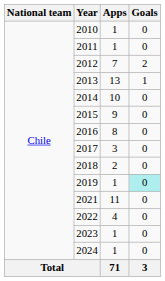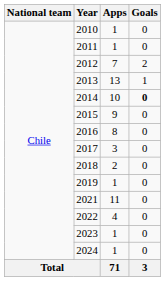 <table class="wikitable" style="text-align:center">
 <tr>
 <th>National team</th>
 <th>Year</th>
 <th>Apps</th>
 <th>Goals</th>
 </tr>
 <tr>
 <td rowspan="14"><a href='#'>Chile</a></td>
 <td>2010</td>
 <td>1</td>
 <td>0</td>
 </tr>
 <tr>
 <td>2011</td>
 <td>1</td>
 <td>0</td>
 </tr>
 <tr>
 <td>2012</td>
 <td>7</td>
 <td>2</td>
 </tr>
 <tr>
 <td>2013</td>
 <td>13</td>
 <td>1</td>
 </tr>
 <tr>
 <td>2014</td>
 <td>10</td>
-<td>0</td>
+<td><strong>0</strong></td>
 </tr>
 <tr>
 <td>2015</td>
 <td>9</td>
 <td>0</td>
 </tr>
 <tr>
 <td>2016</td>
 <td>8</td>
 <td>0</td>
 </tr>
 <tr>
 <td>2017</td>
 <td>3</td>
 <td>0</td>
 </tr>
 <tr>
 <td>2018</td>
 <td>2</td>
 <td>0</td>
 </tr>
 <tr>
 <td>2019</td>
 <td>1</td>
-<td style="background: paleturquoise;">0</td>
+<td>0</td>
 </tr>
 <tr>
 <td>2021</td>
 <td>11</td>
 <td>0</td>
 </tr>
 <tr>
 <td>2022</td>
 <td>4</td>
 <td>0</td>
 </tr>
 <tr>
 <td>2023</td>
 <td>1</td>
 <td>0</td>
 </tr>
 <tr>
 <td>2024</td>
 <td>1</td>
 <td>0</td>
 </tr>
 <tr>
 <th colspan="2">Total</th>
 <th>71</th>
 <th>3</th>
 </tr>
 </table>
